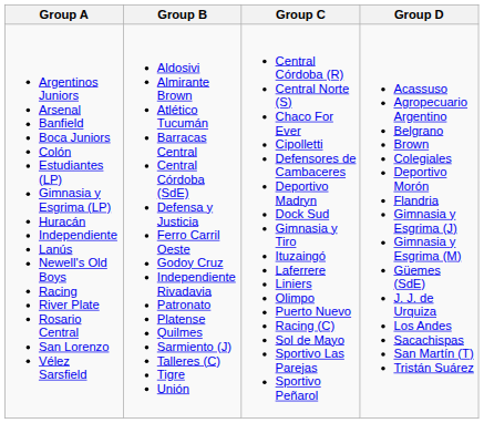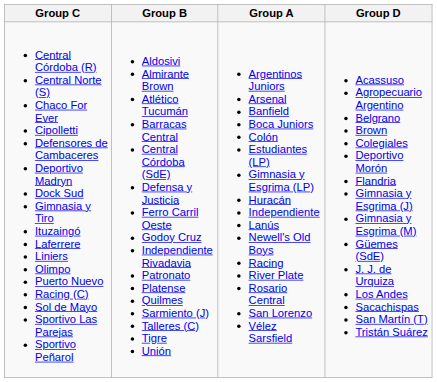 <table class="wikitable" width=98%>
 <tr>
+<th width=25%><strong>Group C</strong></th>
+<th width=25%><strong>Group B</strong></th>
 <th width=25%><strong>Group A</strong></th>
-<th width=25%><strong>Group B</strong></th>
-<th width=25%><strong>Group C</strong></th>
 <th width=25%><strong>Group D</strong></th>
 </tr>
 <tr>
+<td><br><ul><li><a href='#'>Central Córdoba (R)</a></li><li><a href='#'>Central Norte (S)</a></li><li><a href='#'>Chaco For Ever</a></li><li><a href='#'>Cipolletti</a></li><li><a href='#'>Defensores de Cambaceres</a></li><li><a href='#'>Deportivo Madryn</a></li><li><a href='#'>Dock Sud</a></li><li><a href='#'>Gimnasia y Tiro</a></li><li><a href='#'>Ituzaingó</a></li><li><a href='#'>Laferrere</a></li><li><a href='#'>Liniers</a></li><li><a href='#'>Olimpo</a></li><li><a href='#'>Puerto Nuevo</a></li><li><a href='#'>Racing (C)</a></li><li><a href='#'>Sol de Mayo</a></li><li><a href='#'>Sportivo Las Parejas</a> </li><li><a href='#'>Sportivo Peñarol</a></li></ul></td>
+<td><br><ul><li><a href='#'>Aldosivi</a></li><li><a href='#'>Almirante Brown</a></li><li><a href='#'>Atlético Tucumán</a></li><li><a href='#'>Barracas Central</a></li><li><a href='#'>Central Córdoba (SdE)</a></li><li><a href='#'>Defensa y Justicia</a></li><li><a href='#'>Ferro Carril Oeste</a></li><li><a href='#'>Godoy Cruz</a></li><li><a href='#'>Independiente Rivadavia</a></li><li><a href='#'>Patronato</a></li><li><a href='#'>Platense</a></li><li><a href='#'>Quilmes</a></li><li><a href='#'>Sarmiento (J)</a></li><li><a href='#'>Talleres (C)</a></li><li><a href='#'>Tigre</a></li><li><a href='#'>Unión</a></li></ul></td>
 <td><br><ul><li><a href='#'>Argentinos Juniors</a></li><li><a href='#'>Arsenal</a></li><li><a href='#'>Banfield</a></li><li><a href='#'>Boca Juniors</a></li><li><a href='#'>Colón</a></li><li><a href='#'>Estudiantes (LP)</a></li><li><a href='#'>Gimnasia y Esgrima (LP)</a></li><li><a href='#'>Huracán</a></li><li><a href='#'>Independiente</a></li><li><a href='#'>Lanús</a></li><li><a href='#'>Newell's Old Boys</a></li><li><a href='#'>Racing</a></li><li><a href='#'>River Plate</a></li><li><a href='#'>Rosario Central</a></li><li><a href='#'>San Lorenzo</a></li><li><a href='#'>Vélez Sarsfield</a></li></ul></td>
-<td><br><ul><li><a href='#'>Aldosivi</a></li><li><a href='#'>Almirante Brown</a></li><li><a href='#'>Atlético Tucumán</a></li><li><a href='#'>Barracas Central</a></li><li><a href='#'>Central Córdoba (SdE)</a></li><li><a href='#'>Defensa y Justicia</a></li><li><a href='#'>Ferro Carril Oeste</a></li><li><a href='#'>Godoy Cruz</a></li><li><a href='#'>Independiente Rivadavia</a></li><li><a href='#'>Patronato</a></li><li><a href='#'>Platense</a></li><li><a href='#'>Quilmes</a></li><li><a href='#'>Sarmiento (J)</a></li><li><a href='#'>Talleres (C)</a></li><li><a href='#'>Tigre</a></li><li><a href='#'>Unión</a></li></ul></td>
-<td><br><ul><li><a href='#'>Central Córdoba (R)</a></li><li><a href='#'>Central Norte (S)</a></li><li><a href='#'>Chaco For Ever</a></li><li><a href='#'>Cipolletti</a></li><li><a href='#'>Defensores de Cambaceres</a></li><li><a href='#'>Deportivo Madryn</a></li><li><a href='#'>Dock Sud</a></li><li><a href='#'>Gimnasia y Tiro</a></li><li><a href='#'>Ituzaingó</a></li><li><a href='#'>Laferrere</a></li><li><a href='#'>Liniers</a></li><li><a href='#'>Olimpo</a></li><li><a href='#'>Puerto Nuevo</a></li><li><a href='#'>Racing (C)</a></li><li><a href='#'>Sol de Mayo</a></li><li><a href='#'>Sportivo Las Parejas</a> </li><li><a href='#'>Sportivo Peñarol</a></li></ul></td>
 <td><br><ul><li><a href='#'>Acassuso</a></li><li><a href='#'>Agropecuario Argentino</a></li><li><a href='#'>Belgrano</a></li><li><a href='#'>Brown</a></li><li><a href='#'>Colegiales</a></li><li><a href='#'>Deportivo Morón</a></li><li><a href='#'>Flandria</a></li><li><a href='#'>Gimnasia y Esgrima (J)</a></li><li><a href='#'>Gimnasia y Esgrima (M)</a></li><li><a href='#'>Güemes (SdE)</a></li><li><a href='#'>J. J. de Urquiza</a></li><li><a href='#'>Los Andes</a></li><li><a href='#'>Sacachispas</a></li><li><a href='#'>San Martín (T)</a></li><li><a href='#'>Tristán Suárez</a></li></ul></td>
 </tr>
 </table>
